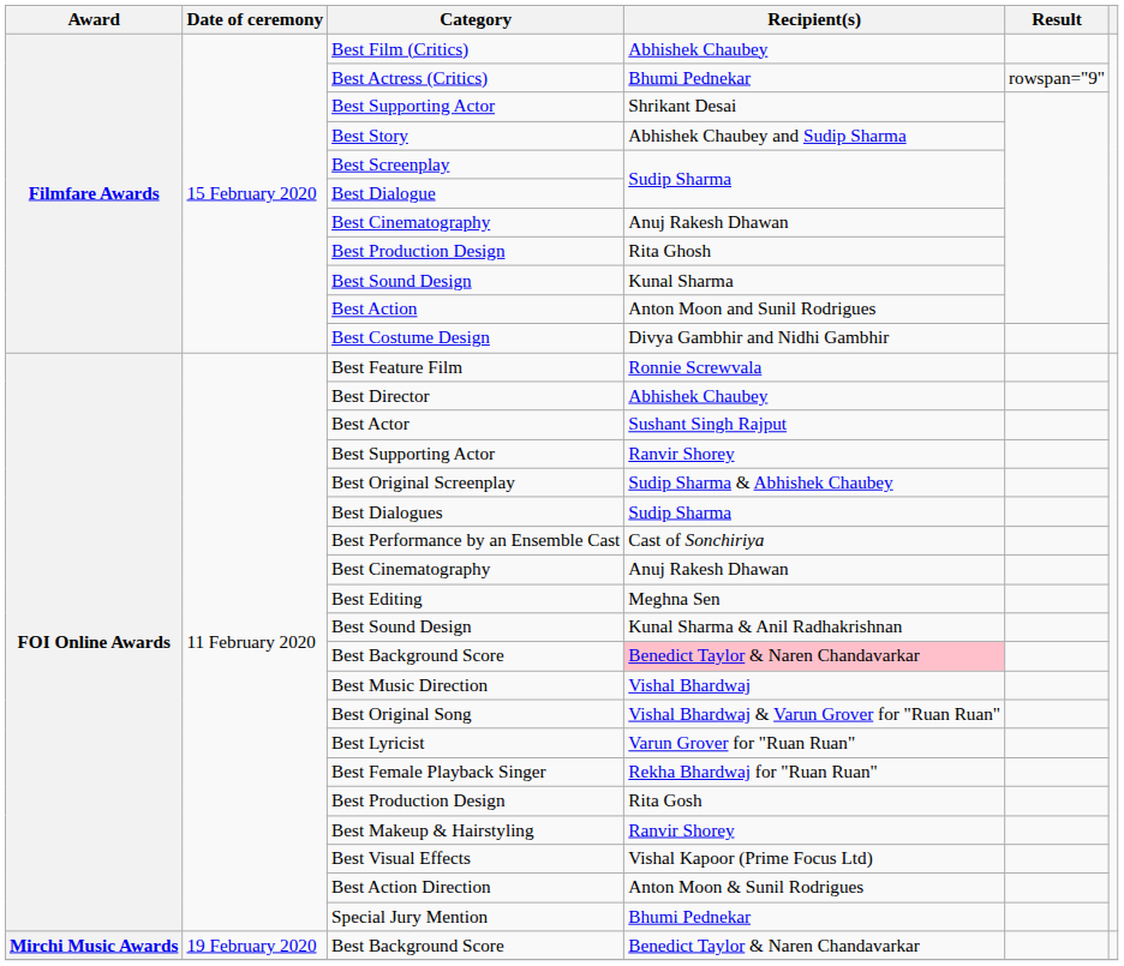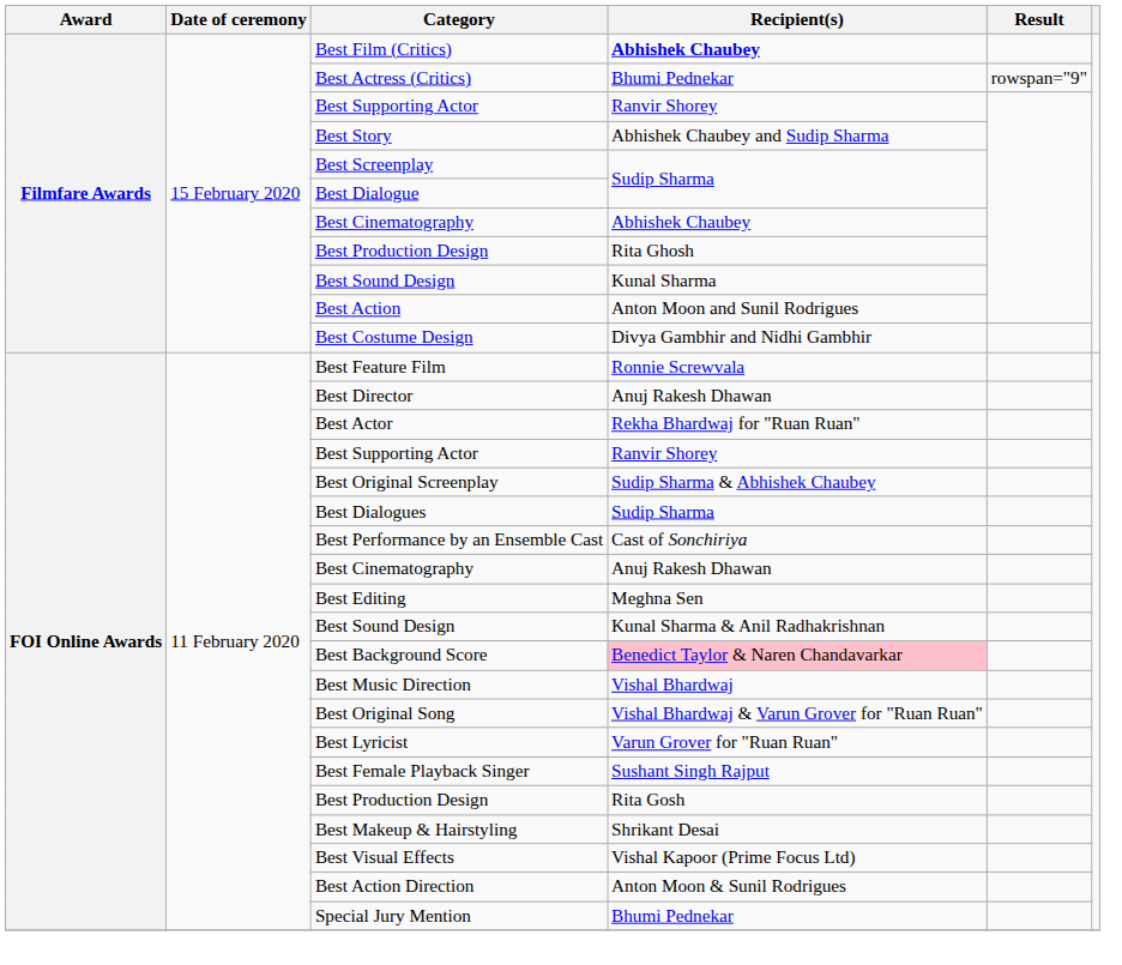 <table class="wikitable plainrowheaders sortable">
 <tr>
 <th scope="col">Award</th>
 <th scope="col">Date of ceremony</th>
 <th scope="col">Category</th>
 <th scope="col">Recipient(s)</th>
 <th scope="col" class="unsortable">Result</th>
 <th scope="col" class="unsortable"></th>
 </tr>
 <tr>
 <th scope="row" rowspan="11"><a href='#'>Filmfare Awards</a></th>
 <td rowspan="11"><a href='#'>15 February 2020</a></td>
 <td><a href='#'>Best Film (Critics)</a></td>
-<td><a href='#'>Abhishek Chaubey</a> </td>
+<td><strong><a href='#'>Abhishek Chaubey</a> </strong></td>
 <td></td>
 <td style="text-align:center;" rowspan="11"><br><br><br></td>
 </tr>
 <tr>
 <td><a href='#'>Best Actress (Critics)</a></td>
 <td><a href='#'>Bhumi Pednekar</a></td>
 <td>rowspan="9"</td>
 </tr>
 <tr>
 <td><a href='#'>Best Supporting Actor</a></td>
-<td>Shrikant Desai</td>
+<td><a href='#'>Ranvir Shorey</a></td>
 </tr>
 <tr>
 <td><a href='#'>Best Story</a></td>
 <td>Abhishek Chaubey and <a href='#'>Sudip Sharma</a></td>
 </tr>
 <tr>
 <td><a href='#'>Best Screenplay</a></td>
 <td rowspan="2"><a href='#'>Sudip Sharma</a></td>
 </tr>
 <tr>
 <td><a href='#'>Best Dialogue</a></td>
 </tr>
 <tr>
 <td><a href='#'>Best Cinematography</a></td>
-<td>Anuj Rakesh Dhawan</td>
+<td><a href='#'>Abhishek Chaubey</a></td>
 </tr>
 <tr>
 <td><a href='#'>Best Production Design</a></td>
 <td>Rita Ghosh</td>
 </tr>
 <tr>
 <td><a href='#'>Best Sound Design</a></td>
 <td>Kunal Sharma</td>
 </tr>
 <tr>
 <td><a href='#'>Best Action</a></td>
 <td>Anton Moon and Sunil Rodrigues</td>
 </tr>
 <tr>
 <td><a href='#'>Best Costume Design</a></td>
 <td>Divya Gambhir and Nidhi Gambhir</td>
 <td></td>
 </tr>
 <tr>
 <th scope="row" rowspan="20">FOI Online Awards</th>
 <td rowspan="20">11 February 2020</td>
 <td>Best Feature Film</td>
 <td><a href='#'>Ronnie Screwvala</a></td>
 <td></td>
 <td style="text-align:center;" rowspan="20"></td>
 </tr>
 <tr>
 <td>Best Director</td>
-<td><a href='#'>Abhishek Chaubey</a></td>
+<td>Anuj Rakesh Dhawan</td>
 <td></td>
 </tr>
 <tr>
 <td>Best Actor</td>
-<td><a href='#'>Sushant Singh Rajput</a></td>
+<td><a href='#'>Rekha Bhardwaj</a> for "Ruan Ruan"</td>
 <td></td>
 </tr>
 <tr>
 <td>Best Supporting Actor</td>
 <td><a href='#'>Ranvir Shorey</a></td>
 <td></td>
 </tr>
 <tr>
 <td>Best Original Screenplay</td>
 <td><a href='#'>Sudip Sharma</a> & <a href='#'>Abhishek Chaubey</a></td>
 <td></td>
 </tr>
 <tr>
 <td>Best Dialogues</td>
 <td><a href='#'>Sudip Sharma</a></td>
 <td></td>
 </tr>
 <tr>
 <td>Best Performance by an Ensemble Cast</td>
 <td>Cast of <em>Sonchiriya</em></td>
 <td></td>
 </tr>
 <tr>
 <td>Best Cinematography</td>
 <td>Anuj Rakesh Dhawan</td>
 <td></td>
 </tr>
 <tr>
 <td>Best Editing</td>
 <td>Meghna Sen</td>
 <td></td>
 </tr>
 <tr>
 <td>Best Sound Design</td>
 <td>Kunal Sharma & Anil Radhakrishnan</td>
 <td></td>
 </tr>
 <tr>
 <td>Best Background Score</td>
 <td style="background: pink;"><a href='#'>Benedict Taylor</a> & Naren Chandavarkar</td>
 <td></td>
 </tr>
 <tr>
 <td>Best Music Direction</td>
 <td><a href='#'>Vishal Bhardwaj</a></td>
 <td></td>
 </tr>
 <tr>
 <td>Best Original Song</td>
 <td><a href='#'>Vishal Bhardwaj</a> & <a href='#'>Varun Grover</a> for "Ruan Ruan"</td>
 <td></td>
 </tr>
 <tr>
 <td>Best Lyricist</td>
 <td><a href='#'>Varun Grover</a> for "Ruan Ruan"</td>
 <td></td>
 </tr>
 <tr>
 <td>Best Female Playback Singer</td>
-<td><a href='#'>Rekha Bhardwaj</a> for "Ruan Ruan"</td>
+<td><a href='#'>Sushant Singh Rajput</a></td>
 <td></td>
 </tr>
 <tr>
 <td>Best Production Design</td>
 <td>Rita Gosh</td>
 <td></td>
 </tr>
 <tr>
 <td>Best Makeup & Hairstyling</td>
-<td><a href='#'>Ranvir Shorey</a></td>
+<td>Shrikant Desai</td>
 <td></td>
 </tr>
 <tr>
 <td>Best Visual Effects</td>
 <td>Vishal Kapoor (Prime Focus Ltd)</td>
 <td></td>
 </tr>
 <tr>
 <td>Best Action Direction</td>
 <td>Anton Moon & Sunil Rodrigues</td>
 <td></td>
 </tr>
 <tr>
 <td>Special Jury Mention</td>
 <td><a href='#'>Bhumi Pednekar</a></td>
 <td></td>
 </tr>
 <tr>
-<th scope="row"><a href='#'>Mirchi Music Awards</a></th>
-<td><a href='#'>19 February 2020</a></td>
-<td>Best Background Score</td>
-<td><a href='#'>Benedict Taylor</a> & Naren Chandavarkar</td>
-<td></td>
-<td style="text-align:center;"></td>
-</tr>
-<tr>
 </tr>
 </table>
